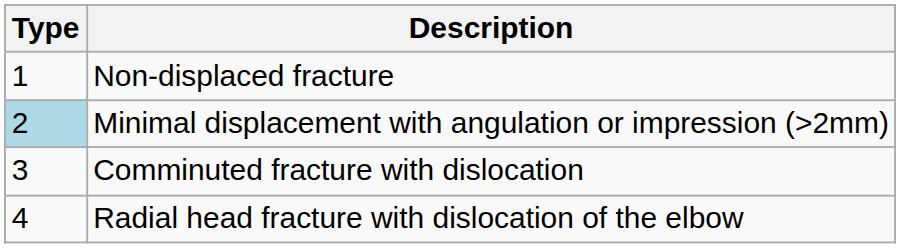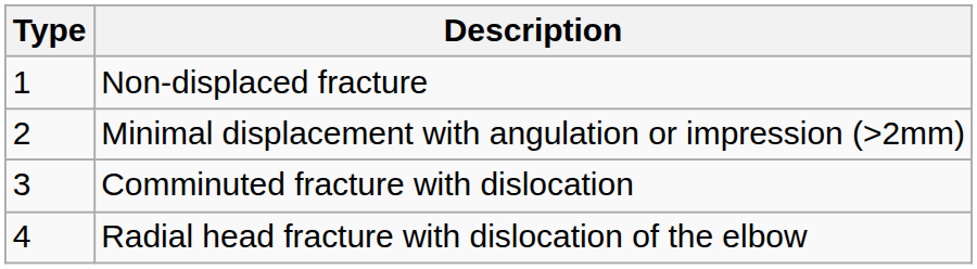 <table class="wikitable">
 <tr>
 <th>Type</th>
 <th>Description</th>
 </tr>
 <tr>
 <td>1</td>
 <td>Non-displaced fracture</td>
 </tr>
 <tr>
-<td style="background: lightblue;">2</td>
+<td>2</td>
 <td>Minimal displacement with angulation or impression (>2mm)</td>
 </tr>
 <tr>
 <td>3</td>
 <td>Comminuted fracture with dislocation</td>
 </tr>
 <tr>
 <td>4</td>
 <td>Radial head fracture with dislocation of the elbow</td>
 </tr>
 </table>
